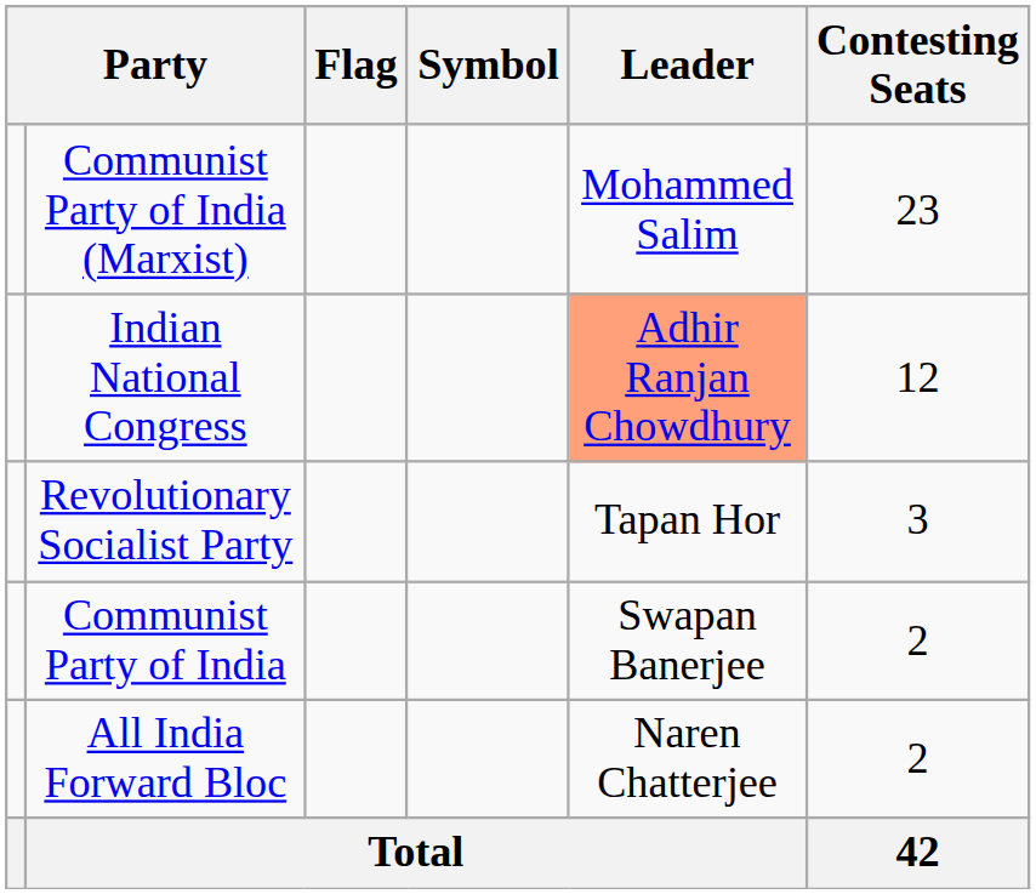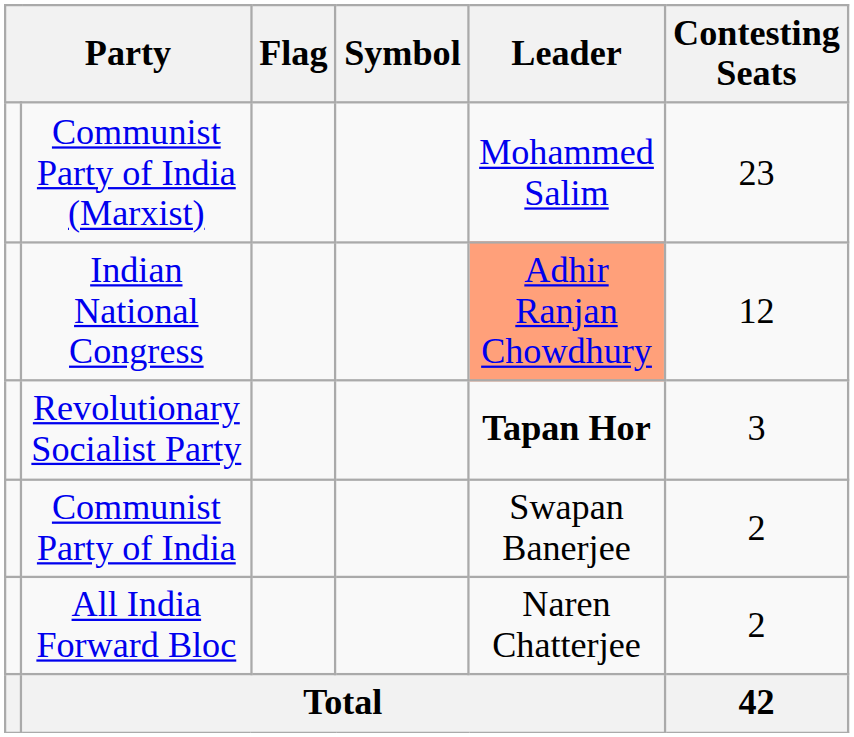 <table class="wikitable" width="60%" style="text-align:center">
 <tr>
 <th colspan="2">Party</th>
 <th>Flag</th>
 <th>Symbol</th>
 <th>Leader</th>
 <th>Contesting Seats</th>
 </tr>
 <tr>
 <td></td>
 <td><a href='#'>Communist Party of India (Marxist)</a></td>
 <td></td>
 <td></td>
 <td><a href='#'>Mohammed Salim</a></td>
 <td>23</td>
 </tr>
 <tr>
 <td></td>
 <td><a href='#'>Indian National Congress</a></td>
 <td></td>
 <td></td>
 <td style="background: lightsalmon;"><a href='#'>Adhir Ranjan Chowdhury</a></td>
 <td>12</td>
 </tr>
 <tr>
 <td></td>
 <td><a href='#'>Revolutionary Socialist Party</a></td>
 <td></td>
 <td></td>
-<td>Tapan Hor</td>
+<td><strong>Tapan Hor</strong></td>
 <td>3</td>
 </tr>
 <tr>
 <td></td>
 <td><a href='#'>Communist Party of India</a></td>
 <td></td>
 <td></td>
 <td>Swapan Banerjee</td>
 <td>2</td>
 </tr>
 <tr>
 <td></td>
 <td><a href='#'>All India Forward Bloc</a></td>
 <td></td>
 <td></td>
 <td>Naren Chatterjee</td>
 <td>2</td>
 </tr>
 <tr>
 <th></th>
 <th colspan="4">Total</th>
 <th>42</th>
 </tr>
 </table>
